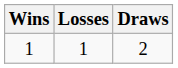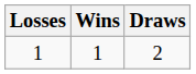 <table class="wikitable">
 <tr>
+<th>Losses</th>
 <th>Wins</th>
-<th>Losses</th>
 <th>Draws</th>
 </tr>
 <tr>
 <td align="center">1</td>
 <td align="center">1</td>
 <td align="center">2</td>
 </tr>
 </table>
